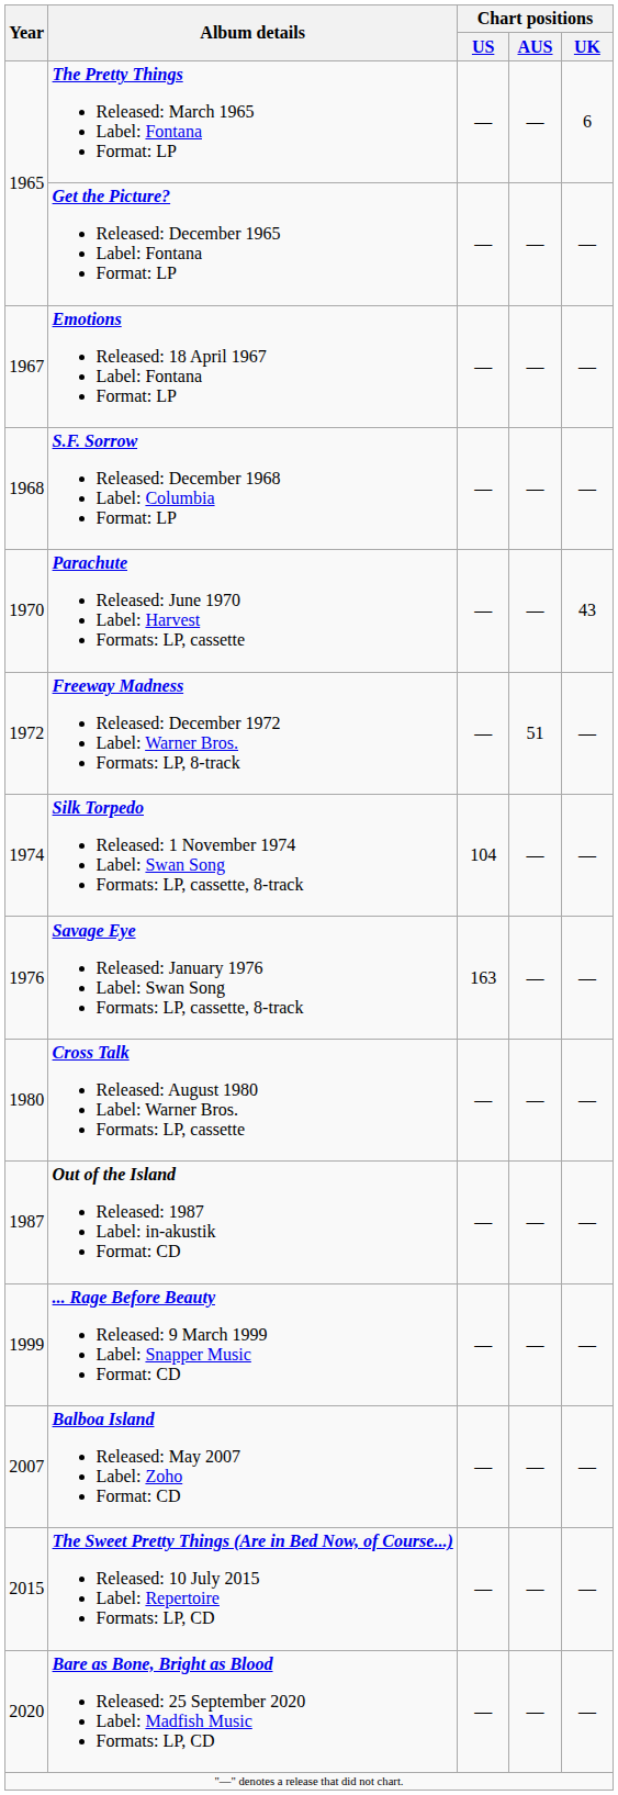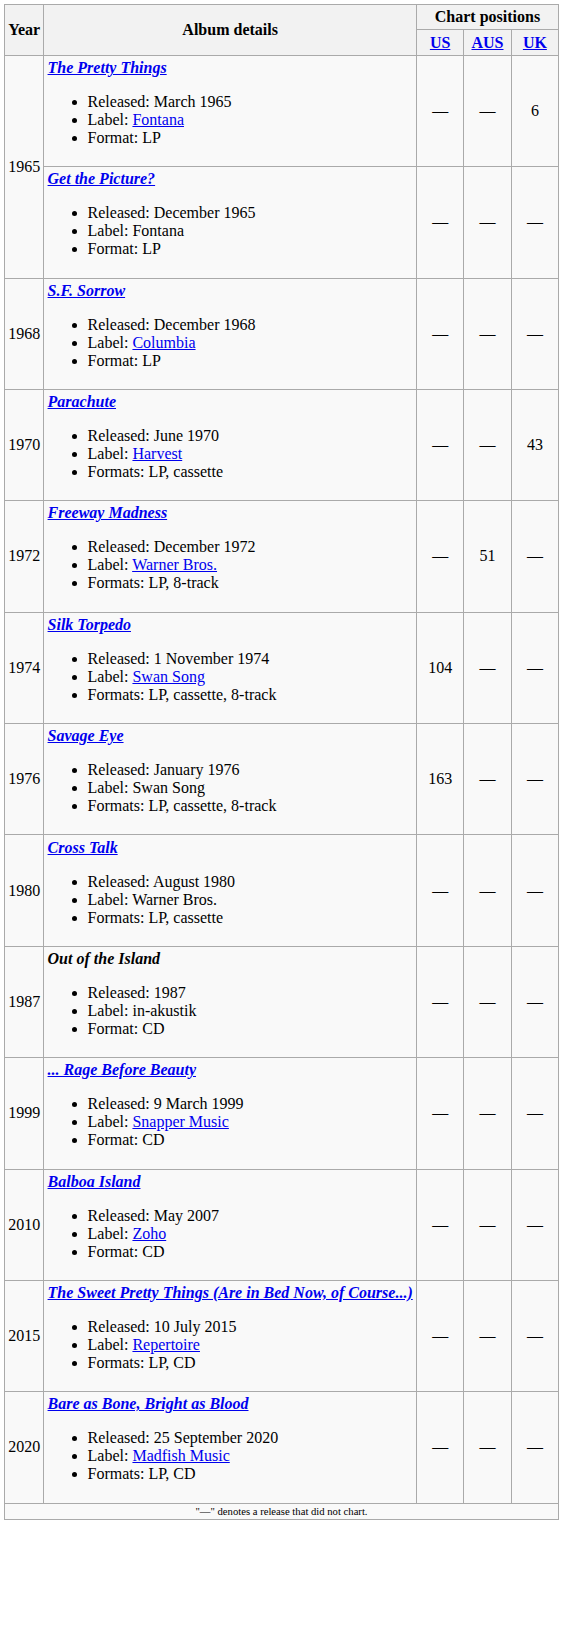 <table class="wikitable">
 <tr>
 <th rowspan="2">Year</th>
 <th rowspan="2">Album details</th>
 <th colspan="3">Chart positions</th>
 </tr>
 <tr>
 <th style="text-align:center; width:40px;"><a href='#'>US</a></th>
 <th style="text-align:center; width:40px;"><a href='#'>AUS</a><br></th>
 <th style="text-align:center; width:40px;"><a href='#'>UK</a></th>
 </tr>
 <tr>
 <td rowspan="2">1965</td>
 <td><strong><em><a href='#'>The Pretty Things</a></em></strong><br><ul><li>Released: March 1965</li><li>Label: <a href='#'>Fontana</a> </li><li>Format: LP</li></ul></td>
 <td style="text-align:center;">—</td>
 <td style="text-align:center;">—</td>
 <td style="text-align:center;">6</td>
 </tr>
 <tr>
 <td><strong><em><a href='#'>Get the Picture?</a></em></strong><br><ul><li>Released: December 1965</li><li>Label: Fontana </li><li>Format: LP</li></ul></td>
-<td style="text-align:center;">—</td>
-<td style="text-align:center;">—</td>
-<td style="text-align:center;">—</td>
-</tr>
-<tr>
-<td>1967</td>
-<td><strong><em><a href='#'>Emotions</a></em></strong><br><ul><li>Released: 18 April 1967</li><li>Label: Fontana </li><li>Format: LP</li></ul></td>
 <td style="text-align:center;">—</td>
 <td style="text-align:center;">—</td>
 <td style="text-align:center;">—</td>
 </tr>
 <tr>
 <td>1968</td>
 <td><strong><em><a href='#'>S.F. Sorrow</a></em></strong><br><ul><li>Released: December 1968</li><li>Label: <a href='#'>Columbia</a> </li><li>Format: LP</li></ul></td>
 <td style="text-align:center;">—</td>
 <td style="text-align:center;">—</td>
 <td style="text-align:center;">—</td>
 </tr>
 <tr>
 <td>1970</td>
 <td><strong><em><a href='#'>Parachute</a></em></strong><br><ul><li>Released: June 1970</li><li>Label: <a href='#'>Harvest</a> </li><li>Formats: LP, cassette</li></ul></td>
 <td style="text-align:center;">—</td>
 <td style="text-align:center;">—</td>
 <td style="text-align:center;">43</td>
 </tr>
 <tr>
 <td>1972</td>
 <td><strong><em><a href='#'>Freeway Madness</a></em></strong><br><ul><li>Released: December 1972</li><li>Label: <a href='#'>Warner Bros.</a> </li><li>Formats: LP, 8-track</li></ul></td>
 <td style="text-align:center;">—</td>
 <td style="text-align:center;">51</td>
 <td style="text-align:center;">—</td>
 </tr>
 <tr>
 <td>1974</td>
 <td><strong><em><a href='#'>Silk Torpedo</a></em></strong><br><ul><li>Released: 1 November 1974</li><li>Label: <a href='#'>Swan Song</a> </li><li>Formats: LP, cassette, 8-track</li></ul></td>
 <td style="text-align:center;">104</td>
 <td style="text-align:center;">—</td>
 <td style="text-align:center;">—</td>
 </tr>
 <tr>
 <td>1976</td>
 <td><strong><em><a href='#'>Savage Eye</a></em></strong><br><ul><li>Released: January 1976</li><li>Label: Swan Song </li><li>Formats: LP, cassette, 8-track</li></ul></td>
 <td style="text-align:center;">163</td>
 <td style="text-align:center;">—</td>
 <td style="text-align:center;">—</td>
 </tr>
 <tr>
 <td>1980</td>
 <td><strong><em><a href='#'>Cross Talk</a></em></strong><br><ul><li>Released: August 1980</li><li>Label: Warner Bros. </li><li>Formats: LP, cassette</li></ul></td>
 <td style="text-align:center;">—</td>
 <td style="text-align:center;">—</td>
 <td style="text-align:center;">—</td>
 </tr>
 <tr>
 <td>1987</td>
 <td><strong><em>Out of the Island</em></strong><br><ul><li>Released: 1987</li><li>Label: in-akustik </li><li>Format: CD</li></ul></td>
 <td style="text-align:center;">—</td>
 <td style="text-align:center;">—</td>
 <td style="text-align:center;">—</td>
 </tr>
 <tr>
 <td>1999</td>
 <td><strong><em><a href='#'>... Rage Before Beauty</a></em></strong><br><ul><li>Released: 9 March 1999</li><li>Label: <a href='#'>Snapper Music</a> </li><li>Format: CD</li></ul></td>
 <td style="text-align:center;">—</td>
 <td style="text-align:center;">—</td>
 <td style="text-align:center;">—</td>
 </tr>
 <tr>
-<td>2007</td>
+<td>2010</td>
 <td><strong><em><a href='#'>Balboa Island</a></em></strong><br><ul><li>Released: May 2007</li><li>Label: <a href='#'>Zoho</a> </li><li>Format: CD</li></ul></td>
 <td style="text-align:center;">—</td>
 <td style="text-align:center;">—</td>
 <td style="text-align:center;">—</td>
 </tr>
 <tr>
 <td>2015</td>
 <td><strong><em><a href='#'>The Sweet Pretty Things (Are in Bed Now, of Course...)</a></em></strong><br><ul><li>Released: 10 July 2015</li><li>Label: <a href='#'>Repertoire</a> </li><li>Formats: LP, CD</li></ul></td>
 <td style="text-align:center;">—</td>
 <td style="text-align:center;">—</td>
 <td style="text-align:center;">—</td>
 </tr>
 <tr>
 <td>2020</td>
 <td><strong><em><a href='#'>Bare as Bone, Bright as Blood</a></em></strong><br><ul><li>Released: 25 September 2020</li><li>Label: <a href='#'>Madfish Music</a></li><li>Formats: LP, CD</li></ul></td>
 <td style="text-align:center;">—</td>
 <td style="text-align:center;">—</td>
 <td style="text-align:center;">—</td>
 </tr>
 <tr>
 <td align="center" colspan="5" style="font-size: 8pt">"—" denotes a release that did not chart.</td>
 </tr>
 <tr>
 </tr>
 </table>
